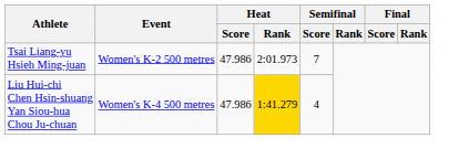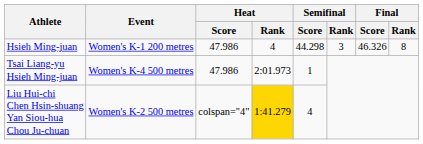 <table class="wikitable" style="font-size:90%; text-align:center">
 <tr>
 <th rowspan="2">Athlete</th>
 <th rowspan="2">Event</th>
 <th colspan="2">Heat</th>
 <th colspan="2">Semifinal</th>
 <th colspan="2">Final</th>
 </tr>
 <tr>
 <th>Score</th>
 <th>Rank</th>
 <th>Score</th>
 <th>Rank</th>
 <th>Score</th>
 <th>Rank</th>
 </tr>
 <tr>
+<td align="left"><a href='#'>Hsieh Ming-juan</a></td>
+<td align="left"><a href='#'>Women's K-1 200 metres</a></td>
+<td>47.986</td>
+<td>4 <strong></strong></td>
+<td>44.298</td>
+<td>3 <strong></strong></td>
+<td>46.326</td>
+<td>8</td>
+</tr>
+<tr>
 <td align="left"><a href='#'>Tsai Liang-yu</a><br><a href='#'>Hsieh Ming-juan</a></td>
-<td align="left"><a href='#'>Women's K-2 500 metres</a></td>
+<td align="left"><a href='#'>Women's K-4 500 metres</a></td>
 <td>47.986</td>
 <td>2:01.973</td>
-<td>7</td>
+<td>1</td>
 </tr>
 <tr>
 <td align="left"><a href='#'>Liu Hui-chi</a><br><a href='#'>Chen Hsin-shuang</a><br><a href='#'>Yan Siou-hua</a><br><a href='#'>Chou Ju-chuan</a></td>
-<td align="left"><a href='#'>Women's K-4 500 metres</a></td>
-<td>47.986</td>
+<td align="left"><a href='#'>Women's K-2 500 metres</a></td>
+<td>colspan="4" </td>
 <td style="background: gold;">1:41.279</td>
 <td>4</td>
 </tr>
 </table>
